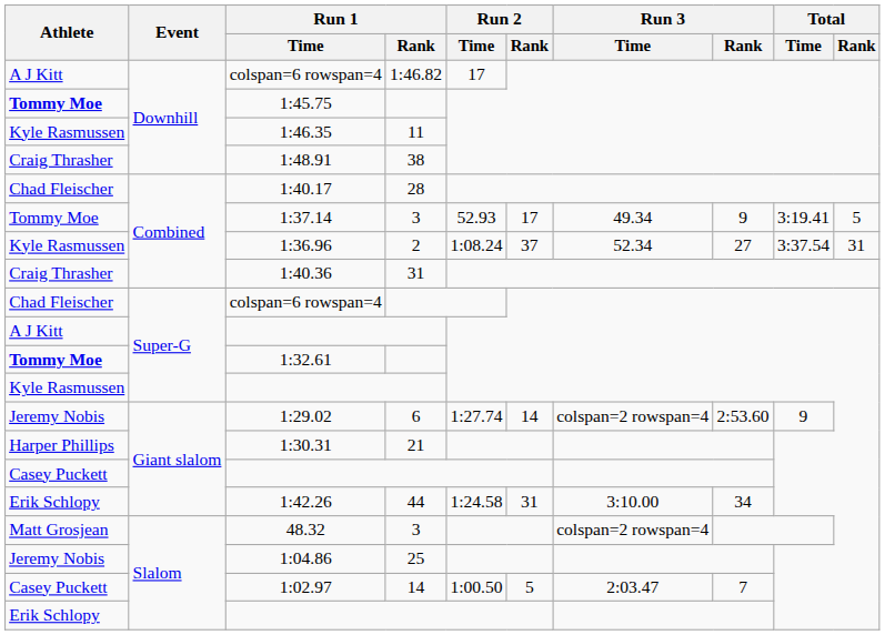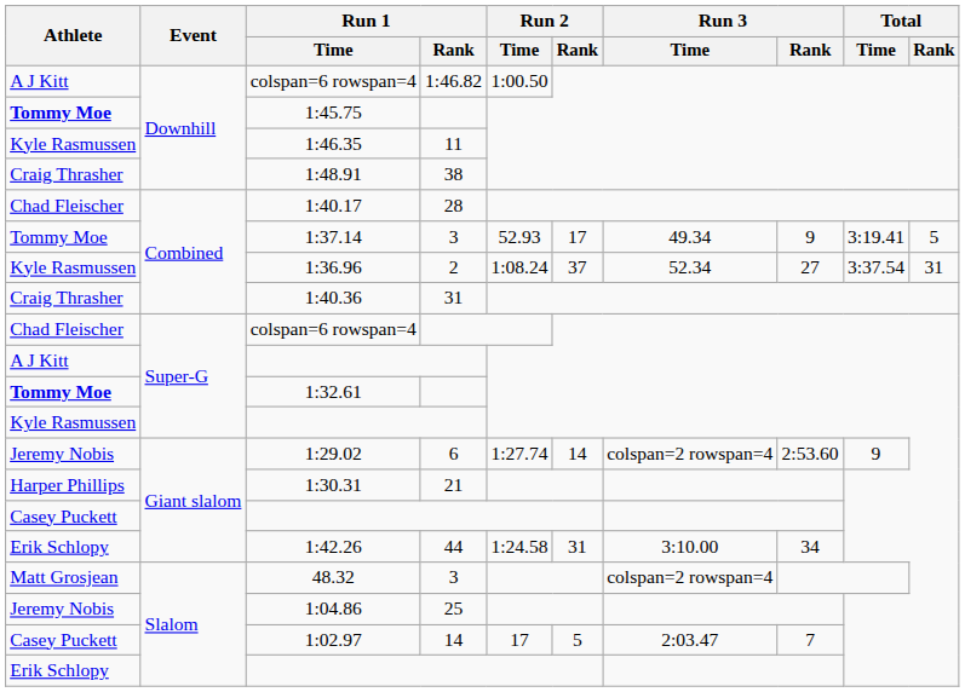 <table class=wikitable style=font-size:90%;text-align:center>
 <tr>
 <th rowspan=2>Athlete</th>
 <th rowspan=2>Event</th>
 <th colspan=2>Run 1</th>
 <th colspan=2>Run 2</th>
 <th colspan=2>Run 3</th>
 <th colspan=2>Total</th>
 </tr>
 <tr style=font-size:95%>
 <th>Time</th>
 <th>Rank</th>
 <th>Time</th>
 <th>Rank</th>
 <th>Time</th>
 <th>Rank</th>
 <th>Time</th>
 <th>Rank</th>
 </tr>
 <tr>
 <td align=left><a href='#'>A J Kitt</a></td>
 <td align=left rowspan=4><a href='#'>Downhill</a></td>
 <td>colspan=6 rowspan=4 </td>
 <td>1:46.82</td>
-<td>17</td>
+<td>1:00.50</td>
 </tr>
 <tr>
 <td align=left><strong><a href='#'>Tommy Moe</a></strong></td>
 <td>1:45.75</td>
 <td></td>
 </tr>
 <tr>
 <td align=left><a href='#'>Kyle Rasmussen</a></td>
 <td>1:46.35</td>
 <td>11</td>
 </tr>
 <tr>
 <td align=left><a href='#'>Craig Thrasher</a></td>
 <td>1:48.91</td>
 <td>38</td>
 </tr>
 <tr>
 <td align=left><a href='#'>Chad Fleischer</a></td>
 <td align=left rowspan=4><a href='#'>Combined</a></td>
 <td>1:40.17</td>
 <td>28</td>
 <td colspan=6></td>
 </tr>
 <tr>
 <td align=left><a href='#'>Tommy Moe</a></td>
 <td>1:37.14</td>
 <td>3</td>
 <td>52.93</td>
 <td>17</td>
 <td>49.34</td>
 <td>9</td>
 <td>3:19.41</td>
 <td>5</td>
 </tr>
 <tr>
 <td align=left><a href='#'>Kyle Rasmussen</a></td>
 <td>1:36.96</td>
 <td>2</td>
 <td>1:08.24</td>
 <td>37</td>
 <td>52.34</td>
 <td>27</td>
 <td>3:37.54</td>
 <td>31</td>
 </tr>
 <tr>
 <td align=left><a href='#'>Craig Thrasher</a></td>
 <td>1:40.36</td>
 <td>31</td>
 <td colspan=6></td>
 </tr>
 <tr>
 <td align=left><a href='#'>Chad Fleischer</a></td>
 <td align=left rowspan=4><a href='#'>Super-G</a></td>
 <td>colspan=6 rowspan=4 </td>
 <td colspan=2></td>
 </tr>
 <tr>
 <td align=left><a href='#'>A J Kitt</a></td>
 <td colspan=2></td>
 </tr>
 <tr>
 <td align=left><strong><a href='#'>Tommy Moe</a></strong></td>
 <td>1:32.61</td>
 <td></td>
 </tr>
 <tr>
 <td align=left><a href='#'>Kyle Rasmussen</a></td>
 <td colspan=2></td>
 </tr>
 <tr>
 <td align=left><a href='#'>Jeremy Nobis</a></td>
 <td align=left rowspan=4><a href='#'>Giant slalom</a></td>
 <td>1:29.02</td>
 <td>6</td>
 <td>1:27.74</td>
 <td>14</td>
 <td>colspan=2 rowspan=4 </td>
 <td>2:53.60</td>
 <td>9</td>
 </tr>
 <tr>
 <td align=left><a href='#'>Harper Phillips</a></td>
 <td>1:30.31</td>
 <td>21</td>
 <td colspan=2></td>
 <td colspan=2></td>
 </tr>
 <tr>
 <td align=left><a href='#'>Casey Puckett</a></td>
 <td colspan=4></td>
 <td colspan=2></td>
 </tr>
 <tr>
 <td align=left><a href='#'>Erik Schlopy</a></td>
 <td>1:42.26</td>
 <td>44</td>
 <td>1:24.58</td>
 <td>31</td>
 <td>3:10.00</td>
 <td>34</td>
 </tr>
 <tr>
 <td align=left><a href='#'>Matt Grosjean</a></td>
 <td align=left rowspan=4><a href='#'>Slalom</a></td>
 <td>48.32</td>
 <td>3</td>
 <td colspan=2></td>
 <td>colspan=2 rowspan=4</td>
 <td colspan=2></td>
 </tr>
 <tr>
 <td align=left><a href='#'>Jeremy Nobis</a></td>
 <td>1:04.86</td>
 <td>25</td>
 <td colspan=2></td>
 <td colspan=2></td>
 </tr>
 <tr>
 <td align=left><a href='#'>Casey Puckett</a></td>
 <td>1:02.97</td>
 <td>14</td>
-<td>1:00.50</td>
+<td>17</td>
 <td>5</td>
 <td>2:03.47</td>
 <td>7</td>
 </tr>
 <tr>
 <td align=left><a href='#'>Erik Schlopy</a></td>
 <td colspan=4></td>
 <td colspan=2></td>
 </tr>
 </table>
